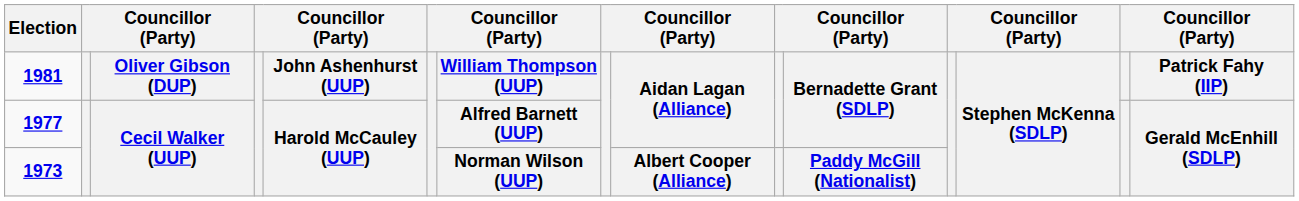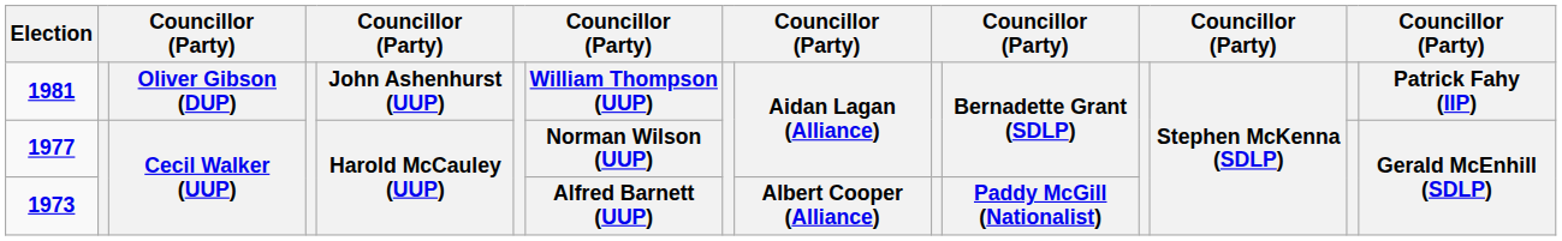 <table class="wikitable" style="text-align:center">
 <tr>
 <th scope="col" width="50">Election</th>
 <th scope="col" width="150" colspan = "2">Councillor<br> (Party)</th>
 <th scope="col" width="150" colspan = "2">Councillor<br> (Party)</th>
 <th scope="col" width="150" colspan = "2">Councillor<br> (Party)</th>
 <th scope="col" width="150" colspan = "2">Councillor<br> (Party)</th>
 <th scope="col" width="150" colspan = "2">Councillor<br> (Party)</th>
 <th scope="col" width="150" colspan = "2">Councillor<br> (Party)</th>
 <th scope="col" width="150" colspan = "2">Councillor<br> (Party)</th>
 </tr>
 <tr>
 <td><strong><a href='#'>1981</a></strong></td>
 <th rowspan="1" width="1" style="background-color: "></th>
 <th rowspan = "1"><a href='#'>Oliver Gibson</a> <br> (<a href='#'>DUP</a>)</th>
 <th rowspan="3" width="1" style="background-color: "></th>
 <th rowspan = "1">John Ashenhurst <br> (<a href='#'>UUP</a>)</th>
 <th rowspan="3" width="1" style="background-color: "></th>
 <th rowspan = "1"><a href='#'>William Thompson</a> <br> (<a href='#'>UUP</a>)</th>
 <th rowspan="3" width="1" style="background-color: "></th>
 <th rowspan = "2">Aidan Lagan <br> (<a href='#'>Alliance</a>)</th>
 <th rowspan="2" width="1" style="background-color: "></th>
 <th rowspan = "2">Bernadette Grant <br> (<a href='#'>SDLP</a>)</th>
 <th rowspan="3" width="1" style="background-color: "></th>
 <th rowspan = "3">Stephen McKenna <br> (<a href='#'>SDLP</a>)</th>
 <th rowspan="1" width="1" style="background-color: "></th>
 <th rowspan = "1">Patrick Fahy <br> (<a href='#'>IIP</a>)</th>
 </tr>
 <tr>
 <td><strong><a href='#'>1977</a></strong></td>
 <th rowspan="2" width="1" style="background-color: "></th>
 <th rowspan = "2"><a href='#'>Cecil Walker</a> <br> (<a href='#'>UUP</a>)</th>
 <th rowspan = "2">Harold McCauley <br> (<a href='#'>UUP</a>)</th>
-<th rowspan = "1">Alfred Barnett <br> (<a href='#'>UUP</a>)</th>
+<th rowspan = "1">Norman Wilson <br> (<a href='#'>UUP</a>)</th>
 <th rowspan="2" width="1" style="background-color: "></th>
 <th rowspan = "2">Gerald McEnhill <br> (<a href='#'>SDLP</a>)</th>
 </tr>
 <tr>
 <td><strong><a href='#'>1973</a></strong></td>
-<th rowspan = "1">Norman Wilson <br> (<a href='#'>UUP</a>)</th>
+<th rowspan = "1">Alfred Barnett <br> (<a href='#'>UUP</a>)</th>
 <th rowspan = "1">Albert Cooper <br> (<a href='#'>Alliance</a>)</th>
 <th rowspan="1" width="1" style="background-color: "></th>
 <th rowspan = "1"><a href='#'>Paddy McGill</a> <br> (<a href='#'>Nationalist</a>)</th>
 </tr>
 </table>
